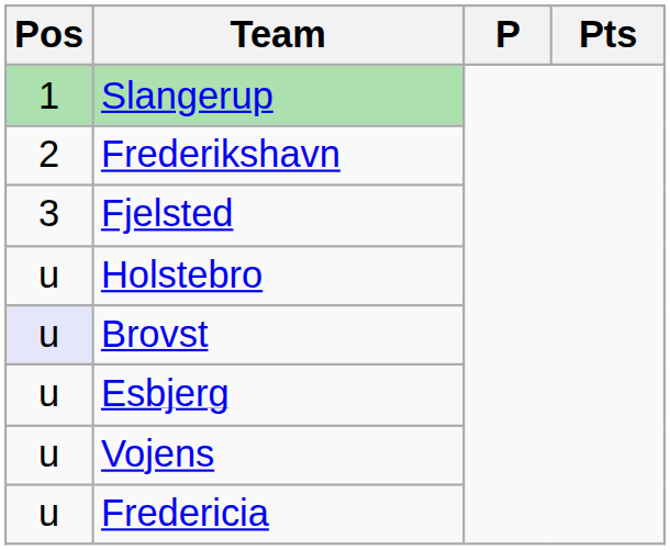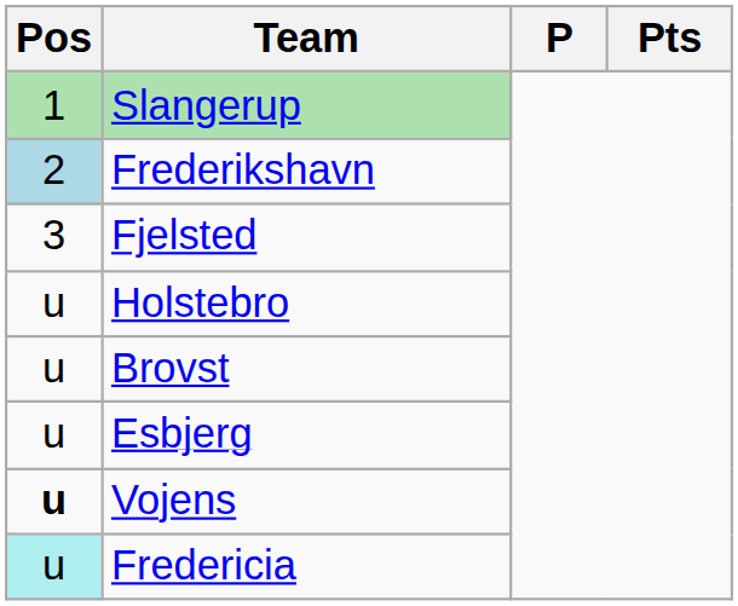 <table class="wikitable" style="font-size: 100%">
 <tr>
 <th width=20>Pos</th>
 <th width=150>Team</th>
 <th width=30>P</th>
 <th width=40>Pts</th>
 </tr>
 <tr align=center style="background:#ACE1AF;">
 <td>1</td>
 <td align="left"><a href='#'>Slangerup</a></td>
 </tr>
 <tr align=center>
-<td>2</td>
+<td style="background: lightblue;">2</td>
 <td align="left"><a href='#'>Frederikshavn</a></td>
 </tr>
 <tr align=center>
 <td>3</td>
 <td align="left"><a href='#'>Fjelsted</a></td>
 </tr>
 <tr align=center>
 <td>u</td>
 <td align="left"><a href='#'>Holstebro</a></td>
 </tr>
 <tr align=center>
-<td style="background: lavender;">u</td>
+<td>u</td>
 <td align="left"><a href='#'>Brovst</a></td>
 </tr>
 <tr align=center>
 <td>u</td>
 <td align="left"><a href='#'>Esbjerg</a></td>
 </tr>
 <tr align=center>
-<td>u</td>
+<td><strong>u</strong></td>
 <td align="left"><a href='#'>Vojens</a></td>
 </tr>
 <tr align=center>
-<td>u</td>
+<td style="background: paleturquoise;">u</td>
 <td align="left"><a href='#'>Fredericia</a></td>
 </tr>
 </table>
